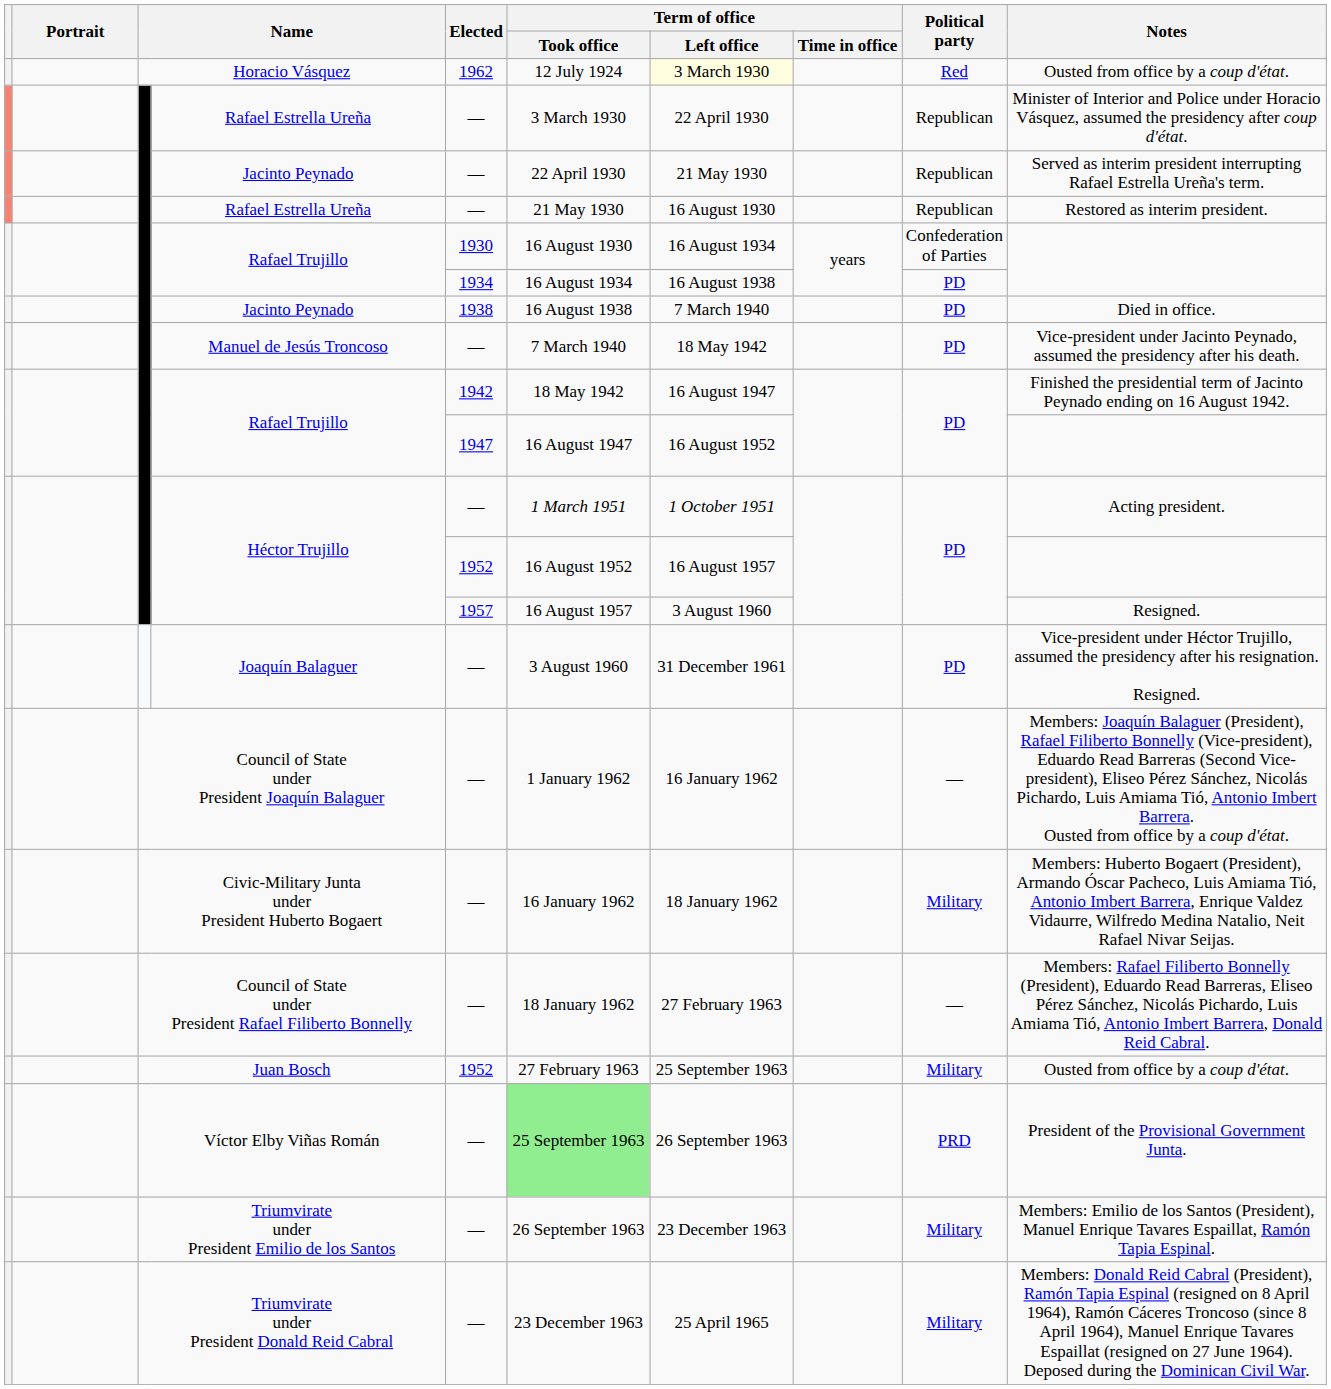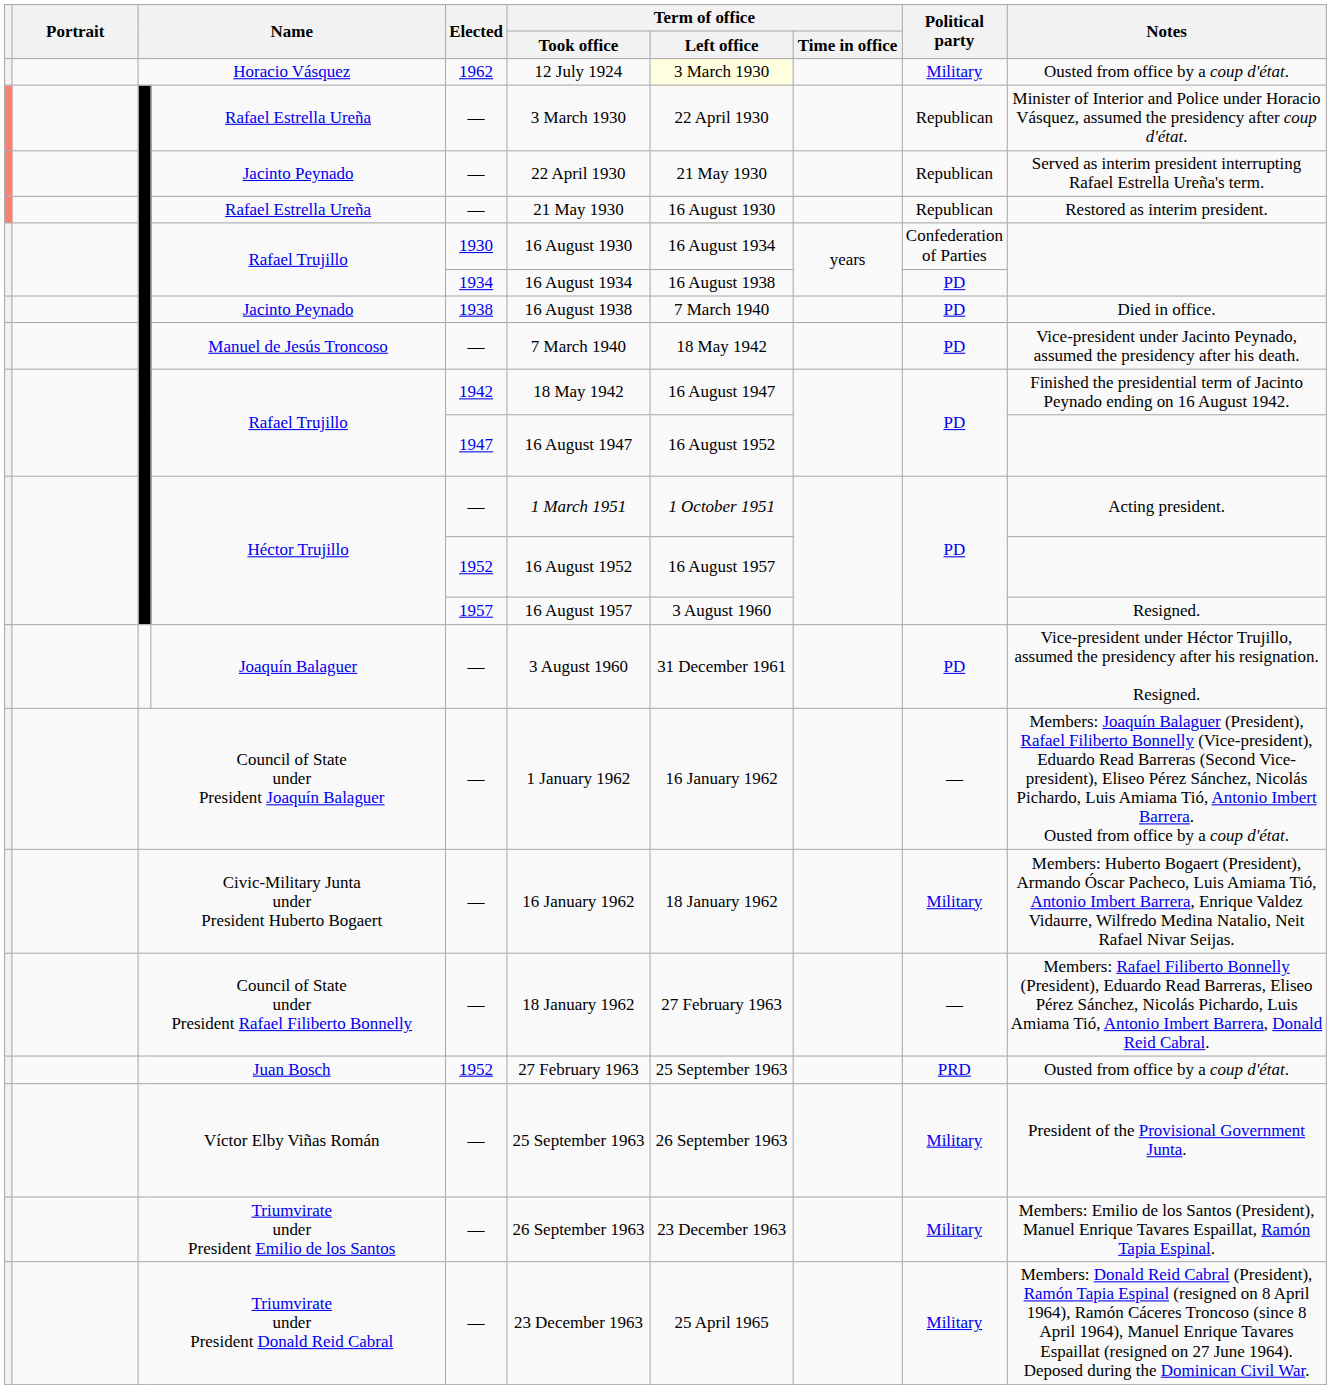 <table class="wikitable" style="text-align:center">
 <tr>
 <th rowspan="2"></th>
 <th rowspan="2" width="10%">Portrait</th>
 <th colspan="2" rowspan="2" width="25%">Name<br></th>
 <th rowspan="2">Elected</th>
 <th colspan="3" width="31.4%">Term of office</th>
 <th rowspan="2">Political<br>party</th>
 <th rowspan="2" width="26%">Notes</th>
 </tr>
 <tr>
 <th>Took office</th>
 <th>Left office</th>
 <th>Time in office</th>
 </tr>
 <tr>
 <th style="background:"></th>
 <td></td>
 <td colspan="2"><a href='#'>Horacio Vásquez</a><br></td>
 <td><a href='#'>1962</a></td>
 <td>12 July 1924</td>
 <td style="background: lightyellow;">3 March 1930</td>
 <td></td>
-<td><a href='#'>Red</a></td>
+<td><a href='#'>Military</a></td>
 <td>Ousted from office by a <em>coup d'état</em>.</td>
 </tr>
 <tr>
 <th style="background:salmon"></th>
 <td></td>
 <th rowspan="13" width="1%" style="background:black;"></th>
 <td><a href='#'>Rafael Estrella Ureña</a><br></td>
 <td>—</td>
 <td>3 March 1930</td>
 <td>22 April 1930</td>
 <td></td>
 <td>Republican</td>
 <td>Minister of Interior and Police under Horacio Vásquez, assumed the presidency after <em>coup d'état</em>.<br></td>
 </tr>
 <tr>
 <th style="background:salmon"></th>
 <td></td>
 <td><a href='#'>Jacinto Peynado</a><br></td>
 <td>—</td>
 <td>22 April 1930</td>
 <td>21 May 1930</td>
 <td></td>
 <td>Republican</td>
 <td>Served as interim president interrupting Rafael Estrella Ureña's term.<br></td>
 </tr>
 <tr>
 <th style="background:salmon"></th>
 <td></td>
 <td><a href='#'>Rafael Estrella Ureña</a><br></td>
 <td>—</td>
 <td>21 May 1930</td>
 <td>16 August 1930</td>
 <td></td>
 <td>Republican</td>
 <td>Restored as interim president.<br></td>
 </tr>
 <tr>
 <th rowspan="2" style="background:"></th>
 <td rowspan="2"></td>
 <td rowspan="2"><a href='#'>Rafael Trujillo</a><br></td>
 <td><a href='#'>1930</a></td>
 <td>16 August 1930</td>
 <td>16 August 1934</td>
 <td rowspan="2"> years</td>
 <td>Confederation of Parties</td>
 <td rowspan="2"></td>
 </tr>
 <tr>
 <td><a href='#'>1934</a></td>
 <td>16 August 1934</td>
 <td>16 August 1938</td>
 <td><a href='#'>PD</a></td>
 </tr>
 <tr>
 <th style="background:"></th>
 <td></td>
 <td><a href='#'>Jacinto Peynado</a><br></td>
 <td><a href='#'>1938</a></td>
 <td>16 August 1938</td>
 <td>7 March 1940</td>
 <td></td>
 <td><a href='#'>PD</a></td>
 <td>Died in office.<br></td>
 </tr>
 <tr>
 <th style="background:"></th>
 <td></td>
 <td><a href='#'>Manuel de Jesús Troncoso</a><br></td>
 <td>—</td>
 <td>7 March 1940</td>
 <td>18 May 1942</td>
 <td></td>
 <td><a href='#'>PD</a></td>
 <td>Vice-president under Jacinto Peynado, assumed the presidency after his death.<br></td>
 </tr>
 <tr>
 <th rowspan="2" style="background:"></th>
 <td rowspan="2"></td>
 <td rowspan="2"><a href='#'>Rafael Trujillo</a><br></td>
 <td><a href='#'>1942</a></td>
 <td>18 May 1942</td>
 <td>16 August 1947</td>
 <td rowspan="2"></td>
 <td rowspan="2"><a href='#'>PD</a></td>
 <td>Finished the presidential term of Jacinto Peynado ending on 16 August 1942.</td>
 </tr>
 <tr>
 <td><a href='#'>1947</a></td>
 <td height="50px">16 August 1947</td>
 <td>16 August 1952</td>
 <td></td>
 </tr>
 <tr>
 <th rowspan="3" style="background:"></th>
 <td rowspan="3"></td>
 <td rowspan="3"><a href='#'>Héctor Trujillo</a><br></td>
 <td>—</td>
 <td height="50px"><em>1 March 1951</em></td>
 <td><em>1 October 1951</em></td>
 <td rowspan="3"></td>
 <td rowspan="3"><a href='#'>PD</a></td>
 <td>Acting president.</td>
 </tr>
 <tr>
 <td><a href='#'>1952</a></td>
 <td height="50px">16 August 1952</td>
 <td>16 August 1957</td>
 <td></td>
 </tr>
 <tr>
 <td><a href='#'>1957</a></td>
 <td>16 August 1957</td>
 <td>3 August 1960</td>
 <td>Resigned.<br></td>
 </tr>
 <tr>
 <th rowspan="2" style="background:"></th>
 <td rowspan="2"></td>
 <td rowspan="2"><a href='#'>Joaquín Balaguer</a><br></td>
 <td rowspan="2">—</td>
 <td height="70px" rowspan="2">3 August 1960</td>
 <td rowspan="2">31 December 1961</td>
 <td rowspan="2"></td>
 <td rowspan="2"><a href='#'>PD</a></td>
 <td rowspan="2">Vice-president under Héctor Trujillo, assumed the presidency after his resignation.<br><br>Resigned.</td>
 </tr>
 <tr>
 <th height="70px" style="background:#F8F9FA"></th>
 </tr>
 <tr>
 <th style="background:"></th>
 <td></td>
 <td colspan="2">Council of State<br>under<br>President <a href='#'>Joaquín Balaguer</a></td>
 <td>—</td>
 <td>1 January 1962</td>
 <td>16 January 1962</td>
 <td></td>
 <td>—</td>
 <td>Members: <a href='#'>Joaquín Balaguer</a> (President), <a href='#'>Rafael Filiberto Bonnelly</a> (Vice-president), Eduardo Read Barreras (Second Vice-president), Eliseo Pérez Sánchez, Nicolás Pichardo, Luis Amiama Tió, <a href='#'>Antonio Imbert Barrera</a>.<br>Ousted from office by a <em>coup d'état</em>.</td>
 </tr>
 <tr>
 <th style="background:"></th>
 <td></td>
 <td colspan="2">Civic-Military Junta<br>under<br>President Huberto Bogaert</td>
 <td>—</td>
 <td>16 January 1962</td>
 <td>18 January 1962</td>
 <td></td>
 <td><a href='#'>Military</a></td>
 <td>Members: Huberto Bogaert (President), Armando Óscar Pacheco, Luis Amiama Tió, <a href='#'>Antonio Imbert Barrera</a>, Enrique Valdez Vidaurre, Wilfredo Medina Natalio, Neit Rafael Nivar Seijas.</td>
 </tr>
 <tr>
 <th style="background:"></th>
 <td></td>
 <td colspan="2">Council of State<br>under<br>President <a href='#'>Rafael Filiberto Bonnelly</a></td>
 <td>—</td>
 <td>18 January 1962</td>
 <td>27 February 1963</td>
 <td></td>
 <td>—</td>
 <td>Members: <a href='#'>Rafael Filiberto Bonnelly</a> (President), Eduardo Read Barreras, Eliseo Pérez Sánchez, Nicolás Pichardo, Luis Amiama Tió, <a href='#'>Antonio Imbert Barrera</a>, <a href='#'>Donald Reid Cabral</a>.</td>
 </tr>
 <tr>
 <th style="background:"></th>
 <td></td>
 <td colspan="2"><a href='#'>Juan Bosch</a><br></td>
 <td><a href='#'>1952</a></td>
 <td>27 February 1963</td>
 <td>25 September 1963</td>
 <td></td>
-<td><a href='#'>Military</a></td>
+<td><a href='#'>PRD</a></td>
 <td>Ousted from office by a <em>coup d'état</em>.</td>
 </tr>
 <tr>
 <th style="background:"></th>
 <td height="100px"></td>
 <td colspan="2">Víctor Elby Viñas Román<br></td>
 <td>—</td>
-<td style="background: lightgreen;">25 September 1963</td>
+<td>25 September 1963</td>
 <td>26 September 1963</td>
 <td></td>
-<td><a href='#'>PRD</a></td>
+<td><a href='#'>Military</a></td>
 <td>President of the <a href='#'>Provisional Government Junta</a>.</td>
 </tr>
 <tr>
 <th style="background:"></th>
 <td></td>
 <td colspan="2"><a href='#'>Triumvirate</a><br>under<br>President <a href='#'>Emilio de los Santos</a></td>
 <td>—</td>
 <td>26 September 1963</td>
 <td>23 December 1963</td>
 <td></td>
 <td><a href='#'>Military</a></td>
 <td>Members: Emilio de los Santos (President), Manuel Enrique Tavares Espaillat, <a href='#'>Ramón Tapia Espinal</a>.</td>
 </tr>
 <tr>
 <th style="background:"></th>
 <td></td>
 <td colspan="2"><a href='#'>Triumvirate</a><br>under<br>President <a href='#'>Donald Reid Cabral</a></td>
 <td>—</td>
 <td>23 December 1963</td>
 <td>25 April 1965</td>
 <td></td>
 <td><a href='#'>Military</a></td>
 <td>Members: <a href='#'>Donald Reid Cabral</a> (President), <a href='#'>Ramón Tapia Espinal</a> (resigned on 8 April 1964), Ramón Cáceres Troncoso (since 8 April 1964), Manuel Enrique Tavares Espaillat (resigned on 27 June 1964).<br>Deposed during the <a href='#'>Dominican Civil War</a>.</td>
 </tr>
 </table>
